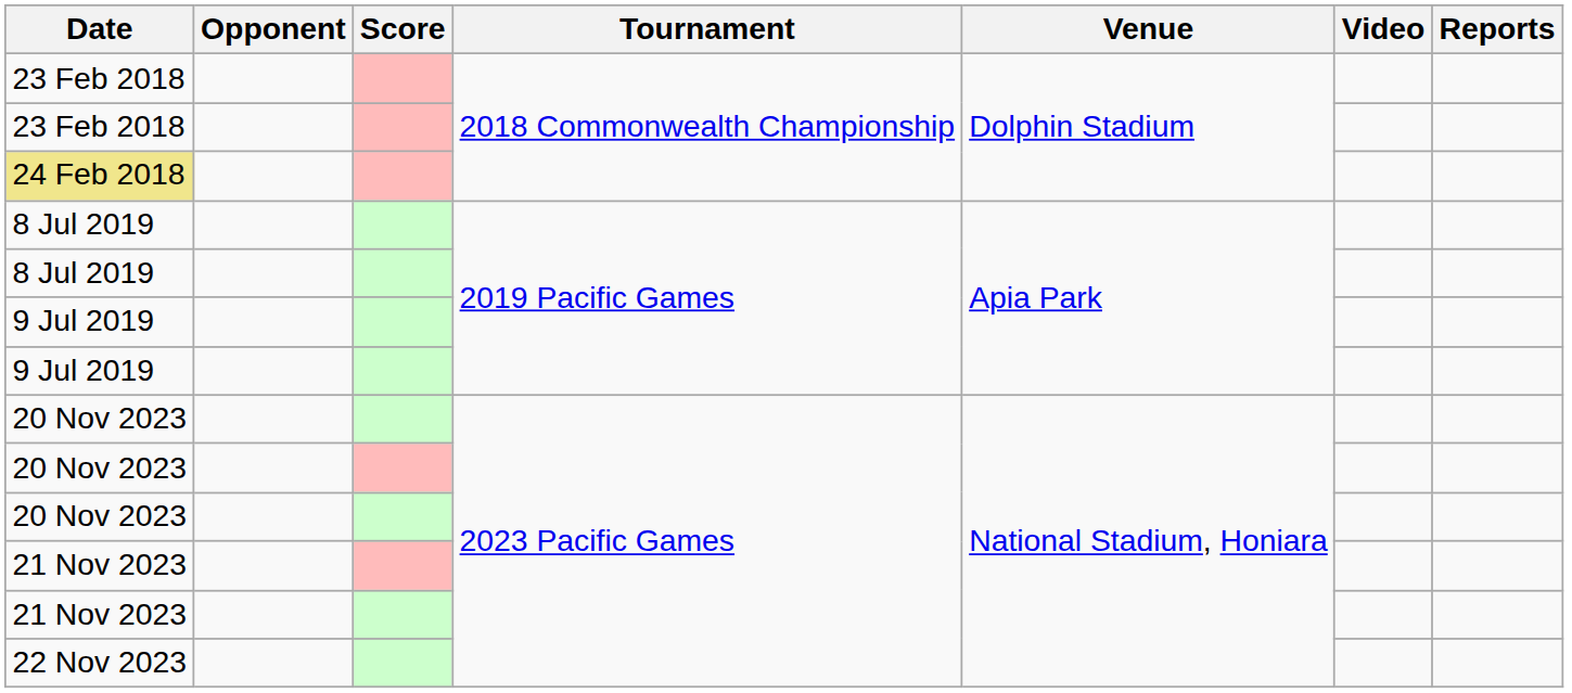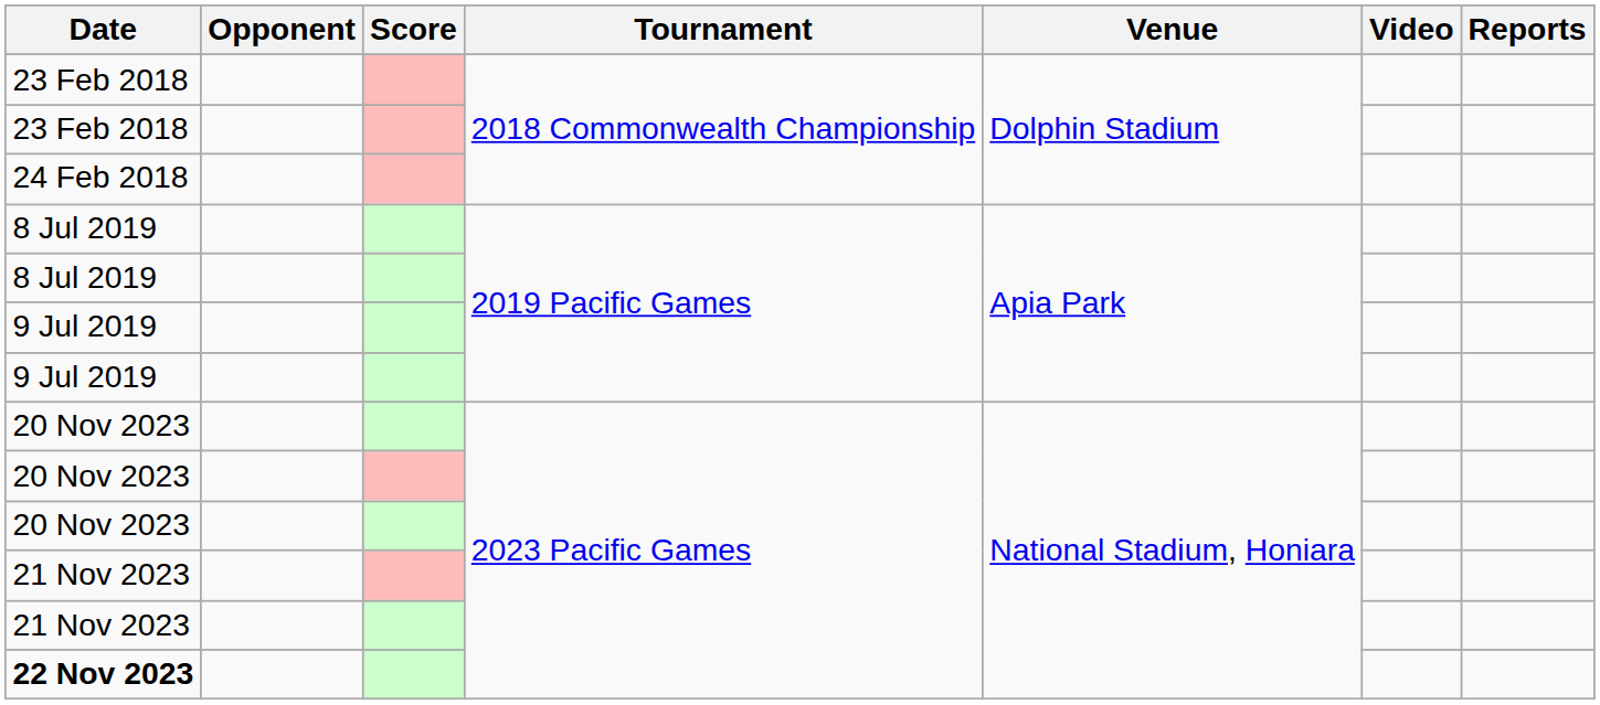 <table class=wikitable>
 <tr>
 <th>Date</th>
 <th>Opponent</th>
 <th>Score</th>
 <th>Tournament</th>
 <th>Venue</th>
 <th>Video</th>
 <th>Reports</th>
 </tr>
 <tr>
 <td>23 Feb 2018</td>
 <td></td>
 <td bgcolor="#FFBBBB"></td>
 <td rowspan=3><a href='#'>2018 Commonwealth Championship</a></td>
 <td rowspan=3> <a href='#'>Dolphin Stadium</a></td>
 <td></td>
 <td align=center></td>
 </tr>
 <tr>
 <td>23 Feb 2018</td>
 <td></td>
 <td bgcolor="#FFBBBB"></td>
 <td></td>
 <td></td>
 </tr>
 <tr>
-<td style="background: khaki;">24 Feb 2018</td>
+<td>24 Feb 2018</td>
 <td></td>
 <td bgcolor="#FFBBBB"></td>
 <td></td>
 <td align=center></td>
 </tr>
 <tr>
 <td>8 Jul 2019</td>
 <td></td>
 <td bgcolor="#CCFFCC"></td>
 <td rowspan=4><a href='#'>2019 Pacific Games</a></td>
 <td rowspan=4> <a href='#'>Apia Park</a></td>
 <td></td>
 <td align=center></td>
 </tr>
 <tr>
 <td>8 Jul 2019</td>
 <td></td>
 <td bgcolor="#CCFFCC"></td>
 <td></td>
 <td></td>
 </tr>
 <tr>
 <td>9 Jul 2019</td>
 <td></td>
 <td bgcolor="#CCFFCC"></td>
 <td align=center></td>
 <td></td>
 </tr>
 <tr>
 <td>9 Jul 2019</td>
 <td></td>
 <td bgcolor="#CCFFCC"></td>
 <td align=center></td>
 <td align=center></td>
 </tr>
 <tr>
 <td>20 Nov 2023</td>
 <td></td>
 <td bgcolor="#CCFFCC"></td>
 <td rowspan=6><a href='#'>2023 Pacific Games</a></td>
 <td rowspan=6> <a href='#'>National Stadium</a>, <a href='#'>Honiara</a></td>
 <td></td>
 <td align=center></td>
 </tr>
 <tr>
 <td>20 Nov 2023</td>
 <td></td>
 <td bgcolor="#FFBBBB"></td>
 <td></td>
 <td align=center></td>
 </tr>
 <tr>
 <td>20 Nov 2023</td>
 <td></td>
 <td bgcolor="#CCFFCC"></td>
 <td></td>
 <td></td>
 </tr>
 <tr>
 <td>21 Nov 2023</td>
 <td></td>
 <td bgcolor="#FFBBBB"></td>
 <td></td>
 <td align=center></td>
 </tr>
 <tr>
 <td>21 Nov 2023</td>
 <td></td>
 <td bgcolor="#CCFFCC"></td>
 <td></td>
 <td align=center></td>
 </tr>
 <tr>
-<td>22 Nov 2023</td>
+<td><strong>22 Nov 2023</strong></td>
 <td></td>
 <td bgcolor="#CCFFCC"></td>
 <td></td>
 <td align=center></td>
 </tr>
 </table>
